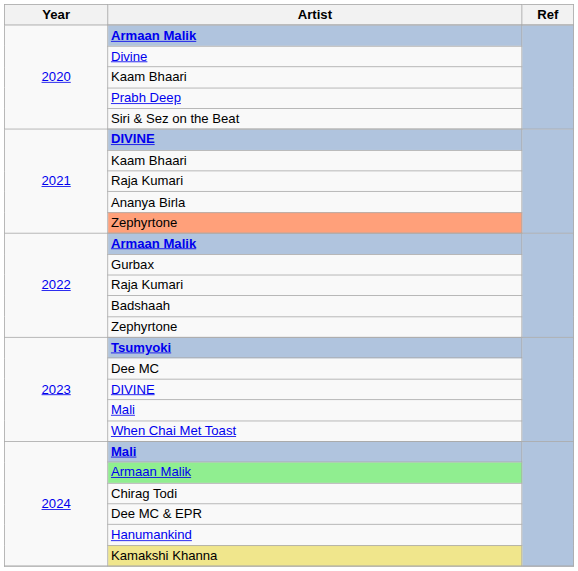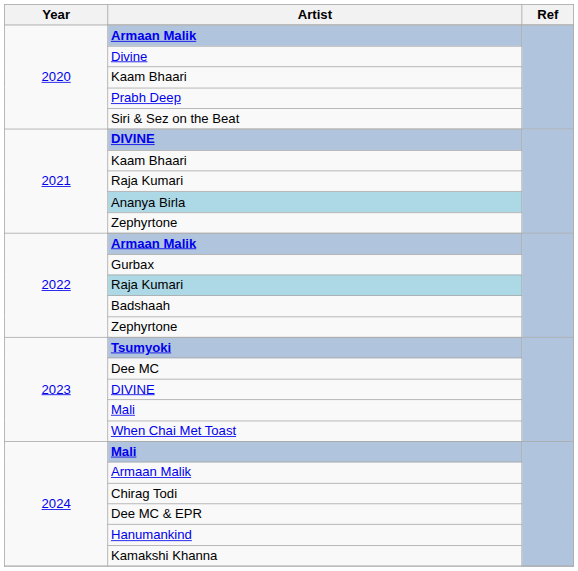 <table class="wikitable" style="width:55%;">
 <tr style="background:#bebebe;">
 <th style="width:10%;">Year</th>
 <th style="width:40%;">Artist</th>
 <th style="width:5%;">Ref</th>
 </tr>
 <tr>
 <td rowspan="6" align="center"><a href='#'>2020</a></td>
 </tr>
 <tr style="background:#B0C4DE">
 <td><strong><a href='#'>Armaan Malik</a></strong></td>
 <td rowspan="6" align="center"></td>
 </tr>
 <tr>
 <td><a href='#'>Divine</a></td>
 </tr>
 <tr>
 <td>Kaam Bhaari</td>
 </tr>
 <tr>
 <td><a href='#'>Prabh Deep</a></td>
 </tr>
 <tr>
 <td>Siri & Sez on the Beat</td>
 </tr>
 <tr>
 <td rowspan="6" align="center"><a href='#'>2021</a></td>
 </tr>
 <tr style="background:#B0C4DE">
 <td><strong><a href='#'>DIVINE</a></strong></td>
 <td rowspan="6" align="center"></td>
 </tr>
 <tr>
 <td>Kaam Bhaari</td>
 </tr>
 <tr>
 <td>Raja Kumari</td>
 </tr>
 <tr>
-<td>Ananya Birla</td>
+<td style="background: lightblue;">Ananya Birla</td>
 </tr>
 <tr>
-<td style="background: lightsalmon;">Zephyrtone</td>
+<td>Zephyrtone</td>
 </tr>
 <tr>
 <td rowspan="6" align="center"><a href='#'>2022</a></td>
 </tr>
 <tr style="background:#B0C4DE">
 <td><strong><a href='#'>Armaan Malik</a></strong></td>
 <td rowspan="6" align="center"></td>
 </tr>
 <tr>
 <td>Gurbax</td>
 </tr>
 <tr>
-<td>Raja Kumari</td>
+<td style="background: lightblue;">Raja Kumari</td>
 </tr>
 <tr>
 <td>Badshaah</td>
 </tr>
 <tr>
 <td>Zephyrtone</td>
 </tr>
 <tr>
 <td rowspan="6" align="center"><a href='#'>2023</a></td>
 </tr>
 <tr style="background:#B0C4DE">
 <td><strong><a href='#'>Tsumyoki</a></strong></td>
 <td rowspan="6" align="center"></td>
 </tr>
 <tr>
 <td>Dee MC</td>
 </tr>
 <tr>
 <td><a href='#'>DIVINE</a></td>
 </tr>
 <tr>
 <td><a href='#'>Mali</a></td>
 </tr>
 <tr>
 <td><a href='#'>When Chai Met Toast</a></td>
 </tr>
 <tr>
 <td rowspan="7" align="center"><a href='#'>2024</a></td>
 </tr>
 <tr style="background:#B0C4DE">
 <td><strong><a href='#'>Mali</a></strong></td>
 <td rowspan="6" align="center"></td>
 </tr>
 <tr>
-<td style="background: lightgreen;"><a href='#'>Armaan Malik</a></td>
+<td><a href='#'>Armaan Malik</a></td>
 </tr>
 <tr>
 <td>Chirag Todi</td>
 </tr>
 <tr>
 <td>Dee MC & EPR</td>
 </tr>
 <tr>
 <td><a href='#'>Hanumankind</a></td>
 </tr>
 <tr>
-<td style="background: khaki;">Kamakshi Khanna</td>
+<td>Kamakshi Khanna</td>
 </tr>
 <tr>
 </tr>
 </table>
